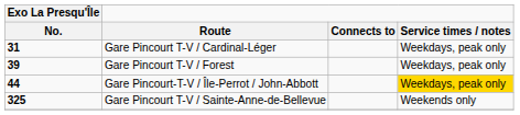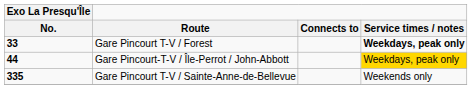 <table align=center class="wikitable">
 <tr>
 <th style="background: #">Exo La Presqu'Île</th>
 </tr>
 <tr>
 <th>No.</th>
 <th>Route</th>
 <th>Connects to</th>
 <th>Service times / notes</th>
 </tr>
 <tr>
-<td {{border> <strong>31</strong></td>
-<td>Gare Pincourt T-V / Cardinal-Léger</td>
-<td></td>
-<td>Weekdays, peak only</td>
-</tr>
-<tr>
-<td {{border> <strong>39</strong></td>
+<td {{border> <strong>33</strong></td>
 <td>Gare Pincourt T-V / Forest</td>
 <td></td>
-<td>Weekdays, peak only</td>
+<td><strong>Weekdays, peak only</strong></td>
 </tr>
 <tr>
 <td {{border> <strong>44</strong></td>
 <td>Gare Pincourt-T-V / Île-Perrot / John-Abbott</td>
 <td></td>
 <td style="background: gold;">Weekdays, peak only</td>
 </tr>
 <tr>
-<td {{border> <strong>325</strong></td>
+<td {{border> <strong>335</strong></td>
 <td>Gare Pincourt T-V / Sainte-Anne-de-Bellevue</td>
 <td></td>
 <td>Weekends only</td>
 </tr>
 <tr>
 </tr>
 </table>
